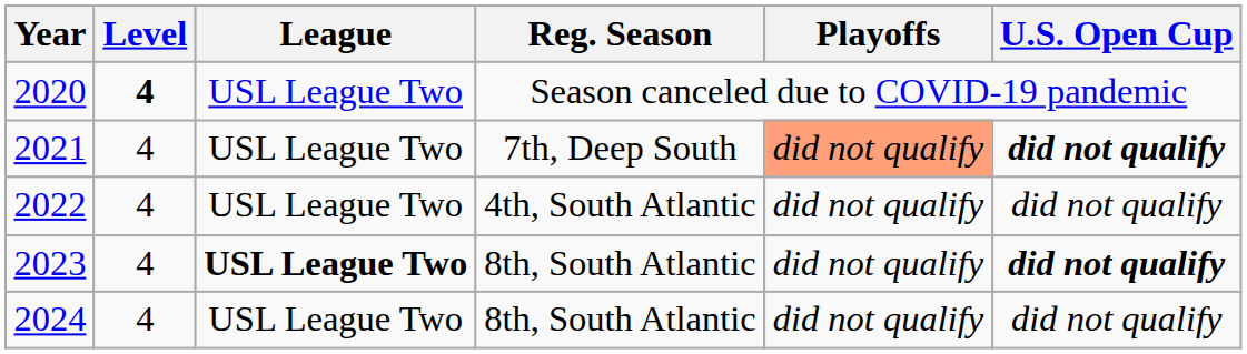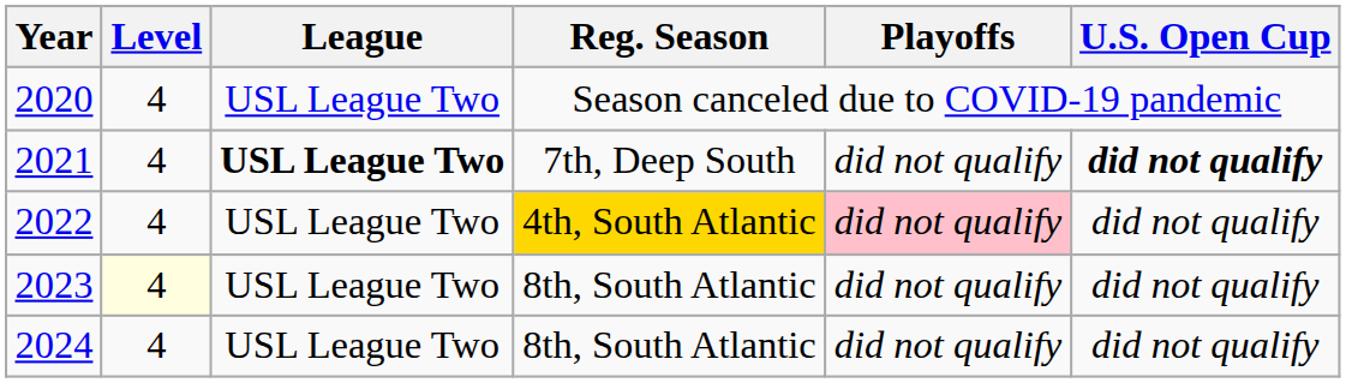 <table class="wikitable" style="text-align: center;">
 <tr>
 <th>Year</th>
 <th><a href='#'>Level</a></th>
 <th>League</th>
 <th>Reg. Season</th>
 <th>Playoffs</th>
 <th><a href='#'>U.S. Open Cup</a></th>
 </tr>
 <tr>
 <td><a href='#'>2020</a></td>
-<td><strong>4</strong></td>
+<td>4</td>
 <td><a href='#'>USL League Two</a></td>
 <td colspan=3>Season canceled due to <a href='#'>COVID-19 pandemic</a></td>
 </tr>
 <tr>
 <td><a href='#'>2021</a></td>
 <td>4</td>
-<td>USL League Two</td>
+<td><strong>USL League Two</strong></td>
 <td>7th, Deep South</td>
-<td style="background: lightsalmon;"><em>did not qualify</em></td>
+<td><em>did not qualify</em></td>
 <td><strong><em>did not qualify</em></strong></td>
 </tr>
 <tr>
 <td><a href='#'>2022</a></td>
 <td>4</td>
 <td>USL League Two</td>
-<td>4th, South Atlantic</td>
-<td><em>did not qualify</em></td>
+<td style="background: gold;">4th, South Atlantic</td>
+<td style="background: pink;"><em>did not qualify</em></td>
 <td><em>did not qualify</em></td>
 </tr>
 <tr>
 <td><a href='#'>2023</a></td>
-<td>4</td>
-<td><strong>USL League Two</strong></td>
+<td style="background: lightyellow;">4</td>
+<td>USL League Two</td>
 <td>8th, South Atlantic</td>
 <td><em>did not qualify</em></td>
-<td><strong><em>did not qualify</em></strong></td>
+<td><em>did not qualify</em></td>
 </tr>
 <tr>
 <td><a href='#'>2024</a></td>
 <td>4</td>
 <td>USL League Two</td>
 <td>8th, South Atlantic</td>
 <td><em>did not qualify</em></td>
 <td><em>did not qualify</em></td>
 </tr>
 </table>
